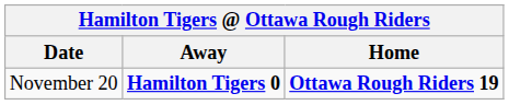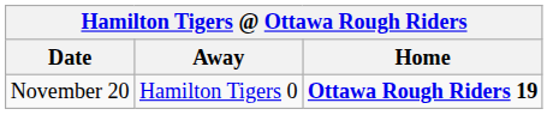 <table class="wikitable">
 <tr>
 <th colspan="4"><a href='#'>Hamilton Tigers</a> @ <a href='#'>Ottawa Rough Riders</a></th>
 </tr>
 <tr>
 <th>Date</th>
 <th>Away</th>
 <th>Home</th>
 </tr>
 <tr>
 <td>November 20</td>
-<td><strong><a href='#'>Hamilton Tigers</a> 0</strong></td>
+<td><a href='#'>Hamilton Tigers</a> 0</td>
 <td><strong><a href='#'>Ottawa Rough Riders</a> 19</strong></td>
 </tr>
 </table>
